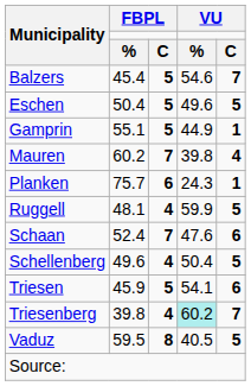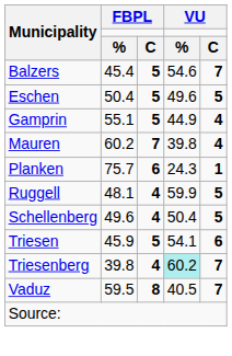 <table class="wikitable">
 <tr>
 <th rowspan="3">Municipality</th>
 <th colspan="2"><a href='#'>FBPL</a></th>
 <th colspan="2"><a href='#'>VU</a></th>
 </tr>
 <tr>
 <td colspan="2" style="color:inherit;background:"></td>
 <td colspan="2"></td>
 </tr>
 <tr>
 <th width=25>%</th>
 <th width=20>C</th>
 <th width=25>%</th>
 <th width=20>C</th>
 </tr>
 <tr>
 <td><a href='#'>Balzers</a></td>
 <td style="text-align: right;">45.4</td>
 <td style="text-align: right; font-weight: bold;">5</td>
 <td style="text-align: right;">54.6</td>
 <td style="text-align: right; font-weight: bold;">7</td>
 </tr>
 <tr>
 <td><a href='#'>Eschen</a></td>
 <td style="text-align: right;">50.4</td>
 <td style="text-align: right; font-weight: bold;">5</td>
 <td style="text-align: right;">49.6</td>
 <td style="text-align: right; font-weight: bold;">5</td>
 </tr>
 <tr>
 <td><a href='#'>Gamprin</a></td>
 <td style="text-align: right;">55.1</td>
 <td style="text-align: right; font-weight: bold;">5</td>
 <td style="text-align: right;">44.9</td>
-<td style="text-align: right; font-weight: bold;">1</td>
+<td style="text-align: right; font-weight: bold;">4</td>
 </tr>
 <tr>
 <td><a href='#'>Mauren</a></td>
 <td style="text-align: right;">60.2</td>
 <td style="text-align: right; font-weight: bold;">7</td>
 <td style="text-align: right;">39.8</td>
 <td style="text-align: right; font-weight: bold;">4</td>
 </tr>
 <tr>
 <td><a href='#'>Planken</a></td>
 <td style="text-align: right;">75.7</td>
 <td style="text-align: right; font-weight: bold;">6</td>
 <td style="text-align: right;">24.3</td>
 <td style="text-align: right; font-weight: bold;">1</td>
 </tr>
 <tr>
 <td><a href='#'>Ruggell</a></td>
 <td style="text-align: right;">48.1</td>
 <td style="text-align: right; font-weight: bold;">4</td>
 <td style="text-align: right;">59.9</td>
 <td style="text-align: right; font-weight: bold;">5</td>
-</tr>
-<tr>
-<td><a href='#'>Schaan</a></td>
-<td style="text-align: right;">52.4</td>
-<td style="text-align: right; font-weight: bold;">7</td>
-<td style="text-align: right;">47.6</td>
-<td style="text-align: right; font-weight: bold;">6</td>
 </tr>
 <tr>
 <td><a href='#'>Schellenberg</a></td>
 <td style="text-align: right;">49.6</td>
 <td style="text-align: right; font-weight: bold;">4</td>
 <td style="text-align: right;">50.4</td>
 <td style="text-align: right; font-weight: bold;">5</td>
 </tr>
 <tr>
 <td><a href='#'>Triesen</a></td>
 <td style="text-align: right;">45.9</td>
 <td style="text-align: right; font-weight: bold;">5</td>
 <td style="text-align: right;">54.1</td>
 <td style="text-align: right; font-weight: bold;">6</td>
 </tr>
 <tr>
 <td><a href='#'>Triesenberg</a></td>
 <td style="text-align: right;">39.8</td>
 <td style="text-align: right; font-weight: bold;">4</td>
 <td style="background: paleturquoise; text-align: right;">60.2</td>
 <td style="text-align: right; font-weight: bold;">7</td>
 </tr>
 <tr>
 <td><a href='#'>Vaduz</a></td>
 <td style="text-align: right;">59.5</td>
 <td style="text-align: right; font-weight: bold;">8</td>
 <td style="text-align: right;">40.5</td>
-<td style="text-align: right; font-weight: bold;">5</td>
+<td style="text-align: right; font-weight: bold;">7</td>
 </tr>
 <tr>
 <td colspan="5" align="left">Source: </td>
 </tr>
 </table>
